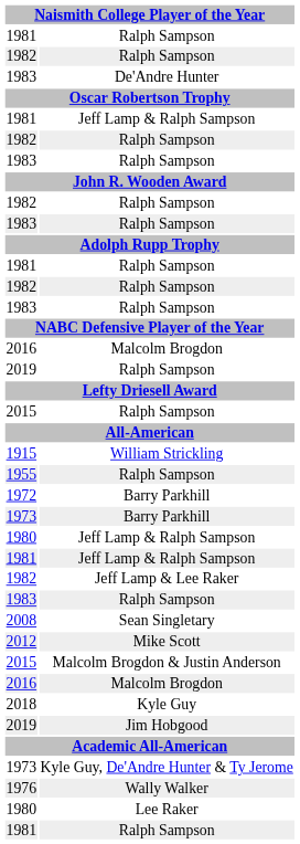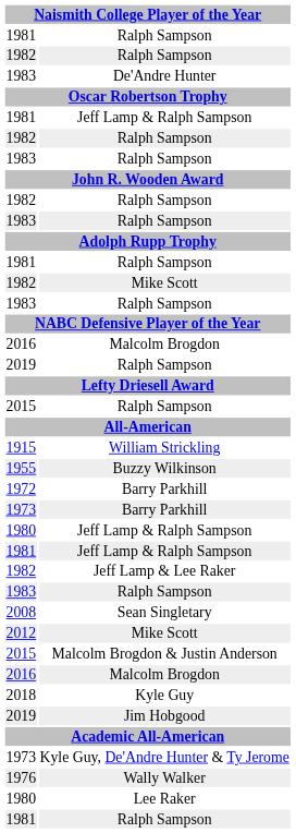 <table class="toccolours" style="text-align:center">
 <tr>
 <th colspan="2" style="background:silver;"><a href='#'>Naismith College Player of the Year</a></th>
 </tr>
 <tr>
 <td>1981</td>
 <td>Ralph Sampson</td>
 </tr>
 <tr style="background:#eee;">
 <td>1982</td>
 <td>Ralph Sampson</td>
 </tr>
 <tr>
 <td>1983</td>
 <td>De'Andre Hunter</td>
 </tr>
 <tr>
 <th colspan="2" style="background:silver;"><a href='#'>Oscar Robertson Trophy</a></th>
 </tr>
 <tr>
 <td>1981</td>
 <td>Jeff Lamp & Ralph Sampson</td>
 </tr>
 <tr style="background:#eee;">
 <td>1982</td>
 <td>Ralph Sampson</td>
 </tr>
 <tr>
 <td>1983</td>
 <td>Ralph Sampson</td>
 </tr>
 <tr>
 <th colspan="2" style="background:silver;"><a href='#'>John R. Wooden Award</a></th>
 </tr>
 <tr>
 <td>1982</td>
 <td>Ralph Sampson</td>
 </tr>
 <tr style="background:#eee;">
 <td>1983</td>
 <td>Ralph Sampson</td>
 </tr>
 <tr>
 <th colspan="2" style="background:silver;"><a href='#'>Adolph Rupp Trophy</a></th>
 </tr>
 <tr>
 <td>1981</td>
 <td>Ralph Sampson</td>
 </tr>
 <tr style="background:#eee;">
 <td>1982</td>
-<td>Ralph Sampson</td>
+<td>Mike Scott</td>
 </tr>
 <tr>
 <td>1983</td>
 <td>Ralph Sampson</td>
 </tr>
 <tr>
 <th colspan="2" style="background:silver;"><a href='#'>NABC Defensive Player of the Year</a></th>
 </tr>
 <tr>
 <td>2016</td>
 <td>Malcolm Brogdon</td>
 </tr>
 <tr>
 <td>2019</td>
 <td>Ralph Sampson</td>
 </tr>
 <tr>
 <th colspan="2" style="background:silver;"><a href='#'>Lefty Driesell Award</a></th>
 </tr>
 <tr>
 <td>2015</td>
 <td>Ralph Sampson</td>
 </tr>
 <tr>
 <th colspan="2" style="background:silver;"><a href='#'>All-American</a></th>
 </tr>
 <tr>
 <td><a href='#'>1915</a></td>
 <td><a href='#'>William Strickling</a></td>
 </tr>
 <tr style="background:#eee;">
 <td><a href='#'>1955</a></td>
-<td>Ralph Sampson</td>
+<td>Buzzy Wilkinson</td>
 </tr>
 <tr>
 <td><a href='#'>1972</a></td>
 <td>Barry Parkhill</td>
 </tr>
 <tr style="background:#eee;">
 <td><a href='#'>1973</a></td>
 <td>Barry Parkhill</td>
 </tr>
 <tr>
 <td><a href='#'>1980</a></td>
 <td>Jeff Lamp & Ralph Sampson</td>
 </tr>
 <tr style="background:#eee;">
 <td><a href='#'>1981</a></td>
 <td>Jeff Lamp & Ralph Sampson</td>
 </tr>
 <tr>
 <td><a href='#'>1982</a></td>
 <td>Jeff Lamp & Lee Raker</td>
 </tr>
 <tr style="background:#eee;">
 <td><a href='#'>1983</a></td>
 <td>Ralph Sampson</td>
 </tr>
 <tr>
 <td><a href='#'>2008</a></td>
 <td>Sean Singletary</td>
 </tr>
 <tr style="background:#eee;">
 <td><a href='#'>2012</a></td>
 <td>Mike Scott</td>
 </tr>
 <tr>
 <td><a href='#'>2015</a></td>
 <td>Malcolm Brogdon & Justin Anderson</td>
 </tr>
 <tr style="background:#eee;">
 <td><a href='#'>2016</a></td>
 <td>Malcolm Brogdon</td>
 </tr>
 <tr>
 <td>2018</td>
 <td>Kyle Guy</td>
 </tr>
 <tr style="background:#eee;">
 <td>2019</td>
 <td>Jim Hobgood</td>
 </tr>
 <tr>
 <th colspan="2" style="background:silver;"><a href='#'>Academic All-American</a></th>
 </tr>
 <tr>
 <td>1973</td>
 <td>Kyle Guy, <a href='#'>De'Andre Hunter</a> & <a href='#'>Ty Jerome</a></td>
 </tr>
 <tr style="background:#eee;">
 <td>1976</td>
 <td>Wally Walker</td>
 </tr>
 <tr>
 <td>1980</td>
 <td>Lee Raker</td>
 </tr>
 <tr style="background:#eee;">
 <td>1981</td>
 <td>Ralph Sampson</td>
 </tr>
 </table>
